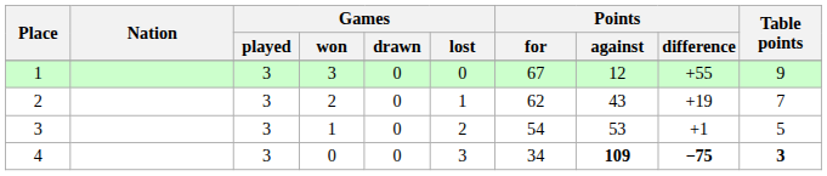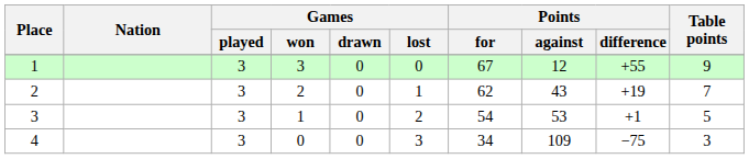 <table class="wikitable">
 <tr>
 <th rowspan=2 width="8%">Place</th>
 <th rowspan=2 width="20%">Nation</th>
 <th colspan=4 width="32%">Games</th>
 <th colspan=3 width="30%">Points</th>
 <th rowspan=2 width="10%">Table<br>points</th>
 </tr>
 <tr>
 <th width="8%">played</th>
 <th width="8%">won</th>
 <th width="8%">drawn</th>
 <th width="8%">lost</th>
 <th width="10%">for</th>
 <th width="10%">against</th>
 <th width="10%">difference</th>
 </tr>
 <tr>
 </tr>
 <tr bgcolor=#ccffcc align=center>
 <td>1</td>
 <td align=left></td>
 <td>3</td>
 <td>3</td>
 <td>0</td>
 <td>0</td>
 <td>67</td>
 <td>12</td>
 <td>+55</td>
 <td>9</td>
 </tr>
 <tr bgcolor=#ffffff align=center>
 <td>2</td>
 <td align=left></td>
 <td>3</td>
 <td>2</td>
 <td>0</td>
 <td>1</td>
 <td>62</td>
 <td>43</td>
 <td>+19</td>
 <td>7</td>
 </tr>
 <tr bgcolor=#ffffff align=center>
 <td>3</td>
 <td align=left></td>
 <td>3</td>
 <td>1</td>
 <td>0</td>
 <td>2</td>
 <td>54</td>
 <td>53</td>
 <td>+1</td>
 <td>5</td>
 </tr>
 <tr bgcolor=#ffffff align=center>
 <td>4</td>
 <td align=left></td>
 <td>3</td>
 <td>0</td>
 <td>0</td>
 <td>3</td>
 <td>34</td>
-<td><strong>109</strong></td>
-<td><strong>−75</strong></td>
-<td><strong>3</strong></td>
+<td>109</td>
+<td>−75</td>
+<td>3</td>
 </tr>
 </table>
